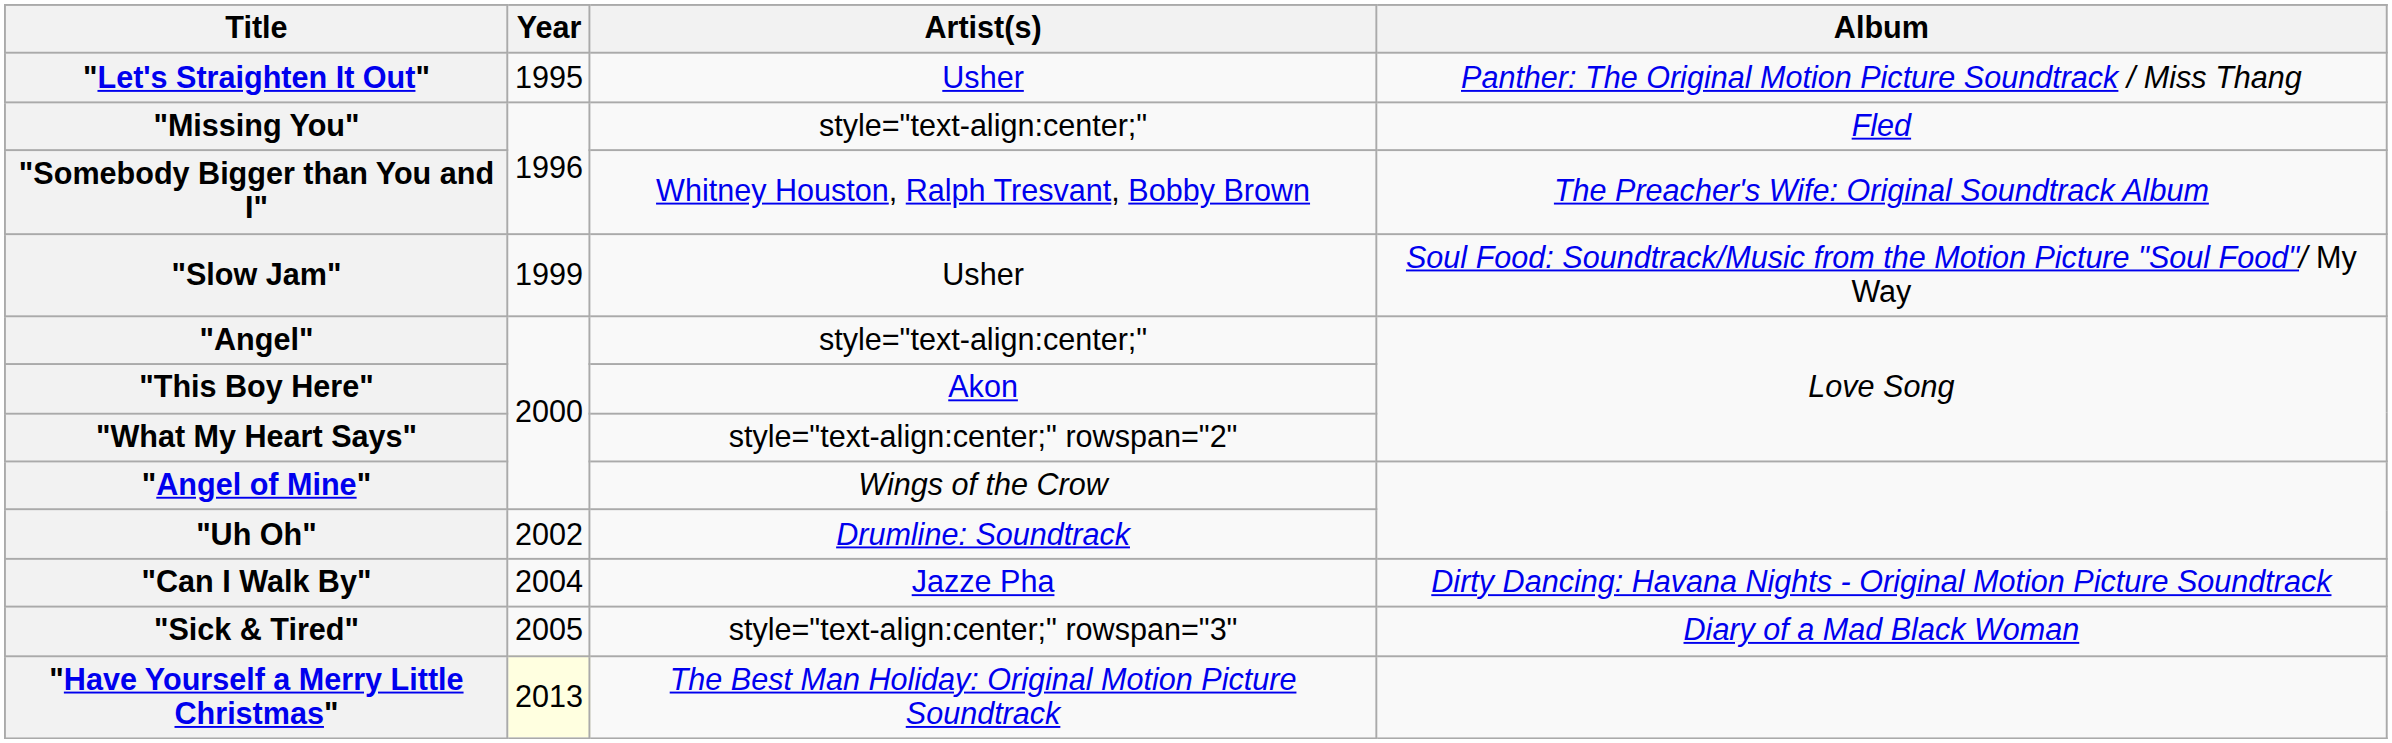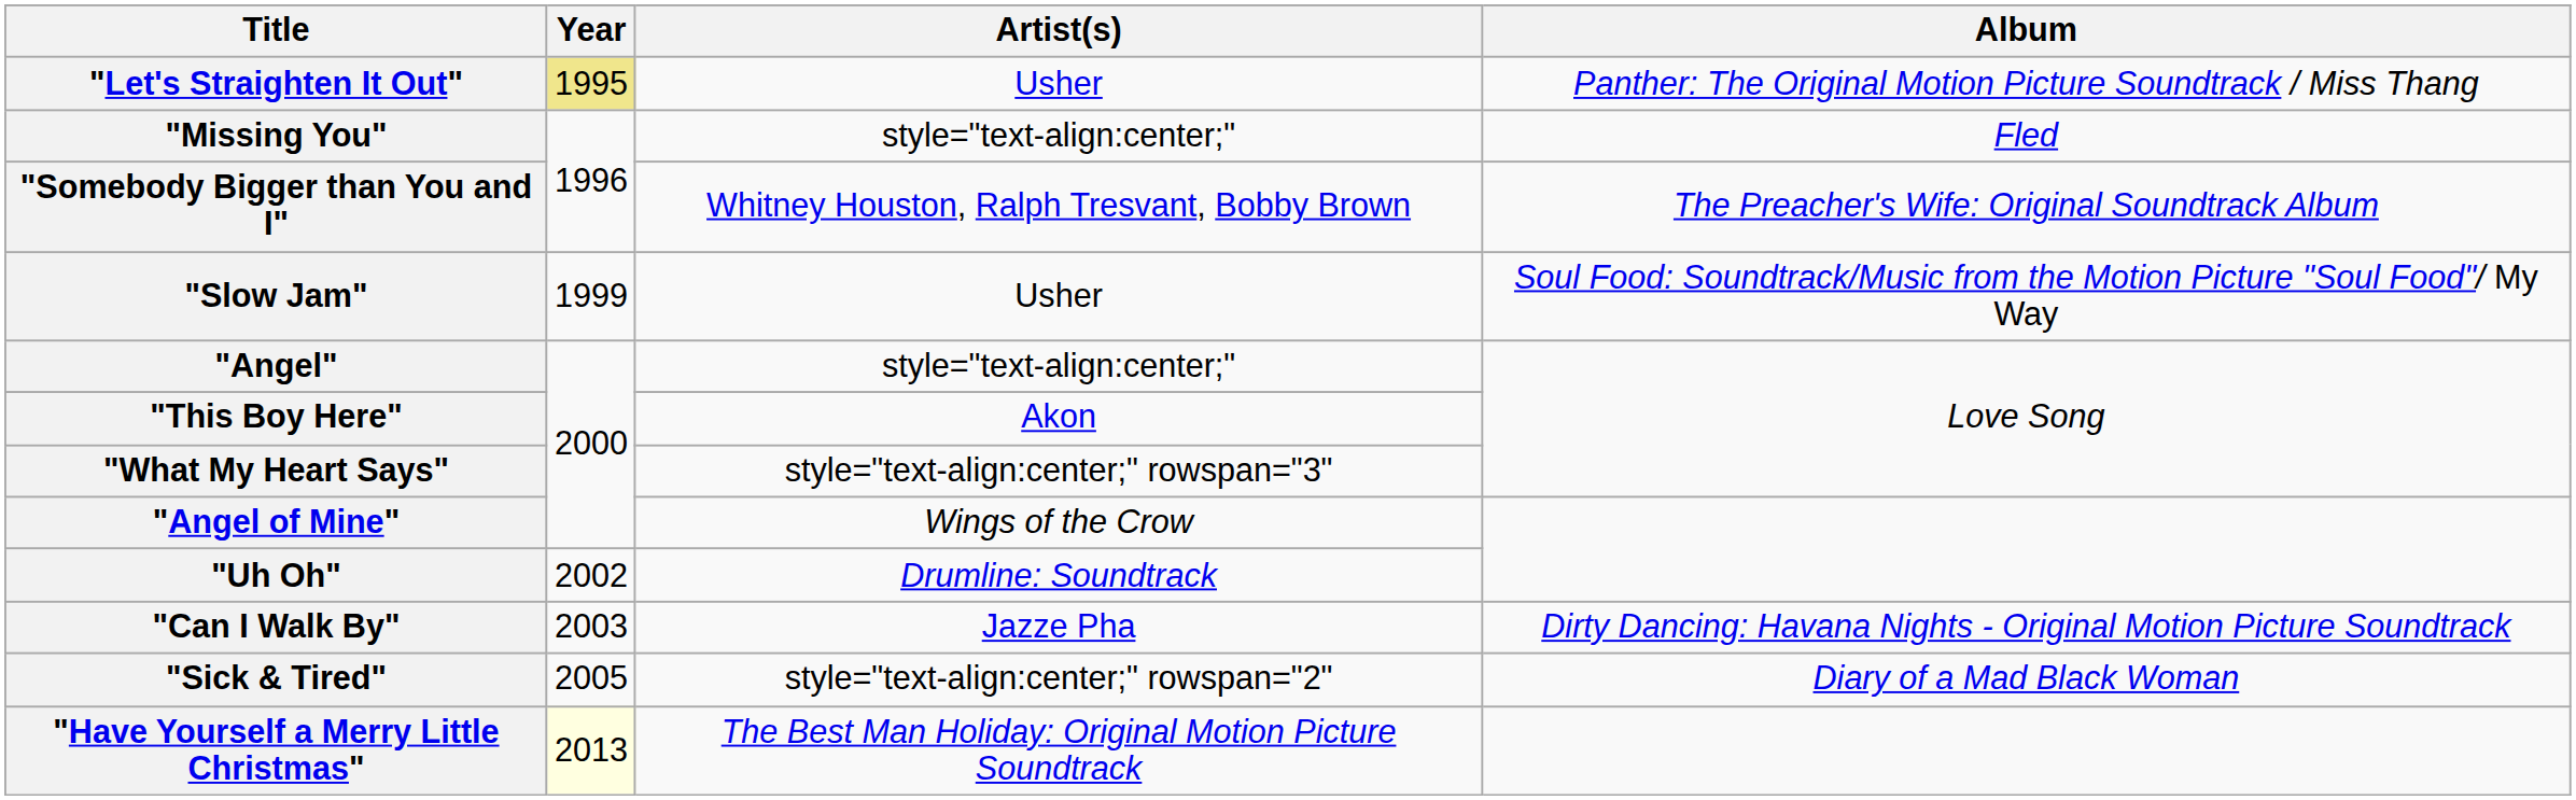 <table class="wikitable plainrowheaders" style="text-align:center;">
 <tr>
 <th scope="col" style="width:16em;">Title</th>
 <th scope="col">Year</th>
 <th scope="col">Artist(s)</th>
 <th scope="col">Album</th>
 </tr>
 <tr>
 <th scope="row">"<a href='#'>Let's Straighten It Out</a>"</th>
-<td>1995</td>
+<td style="background: khaki;">1995</td>
 <td style="text-align:center;"><a href='#'>Usher</a></td>
 <td><em><a href='#'>Panther: The Original Motion Picture Soundtrack</a> / Miss Thang</em></td>
 </tr>
 <tr>
 <th scope="row">"Missing You"</th>
 <td rowspan="2">1996</td>
 <td>style="text-align:center;" </td>
 <td><em><a href='#'>Fled</a></em></td>
 </tr>
 <tr>
 <th scope="row">"Somebody Bigger than You and I"</th>
 <td style="text-align:center;"><a href='#'>Whitney Houston</a>, <a href='#'>Ralph Tresvant</a>, <a href='#'>Bobby Brown</a></td>
 <td><em><a href='#'>The Preacher's Wife: Original Soundtrack Album</a></em></td>
 </tr>
 <tr>
 <th scope="row">"Slow Jam"</th>
 <td>1999</td>
 <td style="text-align:center;">Usher</td>
 <td><em><a href='#'>Soul Food: Soundtrack/Music from the Motion Picture "Soul Food"</a>/</em> My Way</td>
 </tr>
 <tr>
 <th scope="row">"Angel"</th>
 <td rowspan="4">2000</td>
 <td>style="text-align:center;" </td>
 <td rowspan="3"><em>Love Song</em></td>
 </tr>
 <tr>
 <th scope="row">"This Boy Here"</th>
 <td style="text-align:center;"><a href='#'>Akon</a></td>
 </tr>
 <tr>
 <th scope="row">"What My Heart Says"</th>
-<td>style="text-align:center;" rowspan="2" </td>
+<td>style="text-align:center;" rowspan="3" </td>
 </tr>
 <tr>
 <th scope="row">"<a href='#'>Angel of Mine</a>"</th>
 <td><em>Wings of the Crow</em></td>
 </tr>
 <tr>
 <th scope="row">"Uh Oh"</th>
 <td>2002</td>
 <td><em><a href='#'>Drumline: Soundtrack</a></em></td>
 </tr>
 <tr>
 <th scope="row">"Can I Walk By"</th>
-<td>2004</td>
+<td>2003</td>
 <td style="text-align:center;"><a href='#'>Jazze Pha</a></td>
 <td><em><a href='#'>Dirty Dancing: Havana Nights - Original Motion Picture Soundtrack</a></em></td>
 </tr>
 <tr>
 <th scope="row">"Sick & Tired"</th>
 <td>2005</td>
-<td>style="text-align:center;" rowspan="3" </td>
+<td>style="text-align:center;" rowspan="2" </td>
 <td><em><a href='#'>Diary of a Mad Black Woman</a></em></td>
 </tr>
 <tr>
 <th scope="row">"<a href='#'>Have Yourself a Merry Little Christmas</a>"</th>
 <td style="background: lightyellow;">2013</td>
 <td><em><a href='#'>The Best Man Holiday: Original Motion Picture Soundtrack</a></em></td>
 </tr>
 </table>
